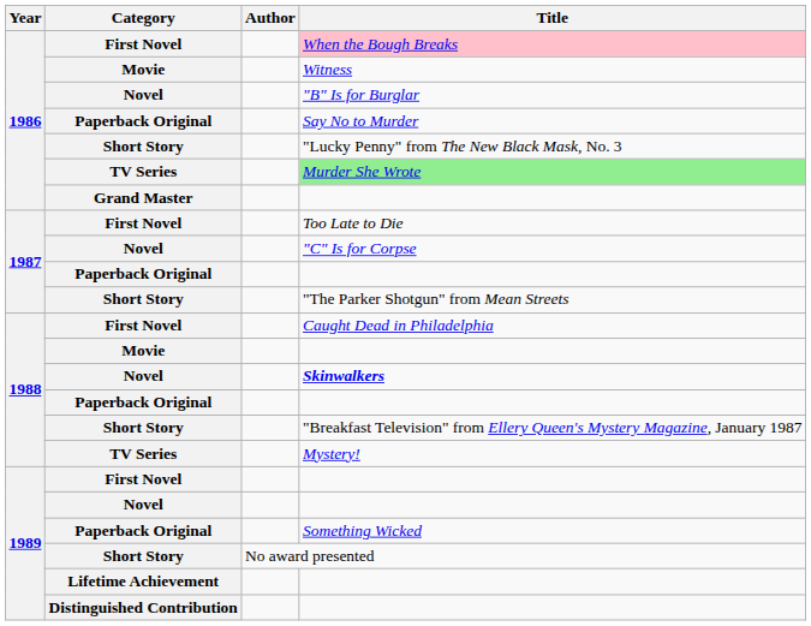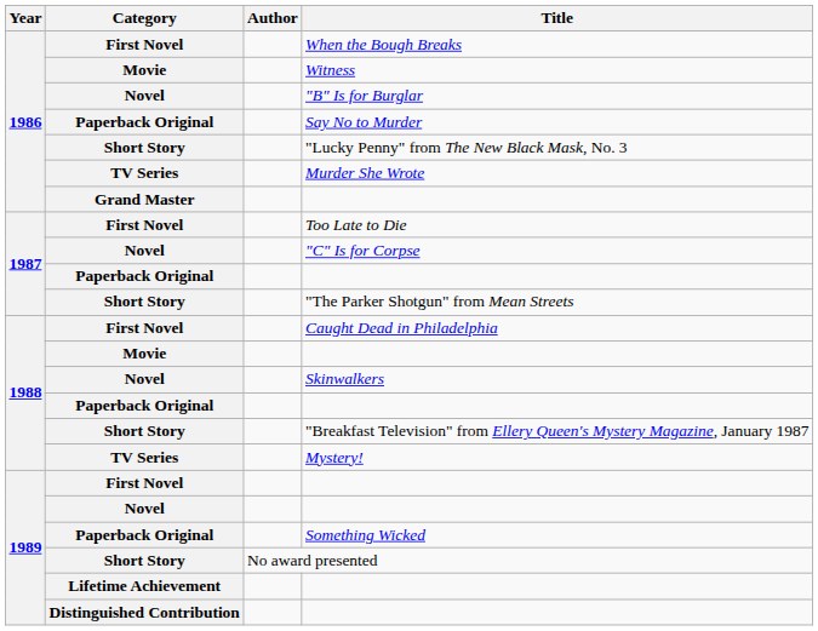 <table class="wikitable sortable mw-collapsible">
 <tr>
 <th>Year</th>
 <th>Category</th>
 <th>Author</th>
 <th>Title</th>
 </tr>
 <tr>
 <th rowspan="7"><a href='#'>1986</a></th>
 <th>First Novel</th>
 <td></td>
-<td style="background: pink;"><em><a href='#'>When the Bough Breaks</a></em></td>
+<td><em><a href='#'>When the Bough Breaks</a></em></td>
 </tr>
 <tr>
 <th>Movie</th>
 <td></td>
 <td><a href='#'><em>Witness</em></a></td>
 </tr>
 <tr>
 <th>Novel</th>
 <td></td>
 <td><em><a href='#'>"B" Is for Burglar</a></em></td>
 </tr>
 <tr>
 <th>Paperback Original</th>
 <td></td>
 <td><em><a href='#'>Say No to Murder</a></em></td>
 </tr>
 <tr>
 <th>Short Story</th>
 <td></td>
 <td>"Lucky Penny" from <em>The New Black Mask</em>, No. 3</td>
 </tr>
 <tr>
 <th>TV Series</th>
 <td></td>
-<td style="background: lightgreen;"><em><a href='#'>Murder She Wrote</a></em></td>
+<td><em><a href='#'>Murder She Wrote</a></em></td>
 </tr>
 <tr>
 <th>Grand Master</th>
 <td></td>
 <td></td>
 </tr>
 <tr>
 <th rowspan="4"><a href='#'>1987</a></th>
 <th>First Novel</th>
 <td></td>
 <td><em>Too Late to Die</em></td>
 </tr>
 <tr>
 <th>Novel</th>
 <td></td>
 <td><em><a href='#'>"C" Is for Corpse</a></em></td>
 </tr>
 <tr>
 <th>Paperback Original</th>
 <td></td>
 <td><em></em></td>
 </tr>
 <tr>
 <th>Short Story</th>
 <td></td>
 <td>"The Parker Shotgun" from <em>Mean Streets</em></td>
 </tr>
 <tr>
 <th rowspan="6"><a href='#'>1988</a></th>
 <th>First Novel</th>
 <td></td>
 <td><em><a href='#'>Caught Dead in Philadelphia</a></em></td>
 </tr>
 <tr>
 <th>Movie</th>
 <td></td>
 <td><em></em></td>
 </tr>
 <tr>
 <th>Novel</th>
 <td></td>
-<td><strong><em><a href='#'>Skinwalkers</a></em></strong></td>
+<td><em><a href='#'>Skinwalkers</a></em></td>
 </tr>
 <tr>
 <th>Paperback Original</th>
 <td></td>
 <td><em></em></td>
 </tr>
 <tr>
 <th>Short Story</th>
 <td></td>
 <td>"Breakfast Television" from <em><a href='#'>Ellery Queen's Mystery Magazine</a>,</em> January 1987</td>
 </tr>
 <tr>
 <th>TV Series</th>
 <td></td>
 <td><em><a href='#'>Mystery!</a></em></td>
 </tr>
 <tr>
 <th rowspan="6"><a href='#'>1989</a></th>
 <th>First Novel</th>
 <td></td>
 <td><em></em></td>
 </tr>
 <tr>
 <th>Novel</th>
 <td></td>
 <td><em></em></td>
 </tr>
 <tr>
 <th>Paperback Original</th>
 <td></td>
 <td><em><a href='#'>Something Wicked</a></em></td>
 </tr>
 <tr>
 <th>Short Story</th>
 <td colspan="2">No award presented</td>
 </tr>
 <tr>
 <th>Lifetime Achievement</th>
 <td></td>
 </tr>
 <tr>
 <th>Distinguished Contribution</th>
 <td></td>
 <td></td>
 </tr>
 </table>
